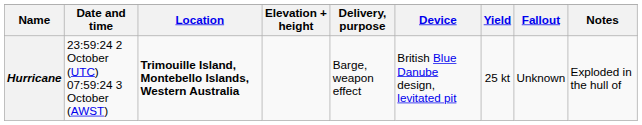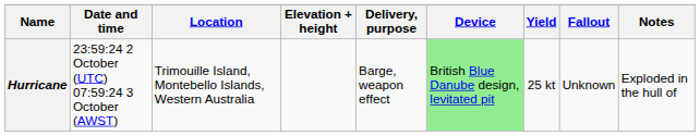 <table class="wikitable">
 <tr>
 </tr>
 <tr>
 <th>Name</th>
 <th>Date and time</th>
 <th><a href='#'>Location</a></th>
 <th>Elevation + height</th>
 <th>Delivery, purpose</th>
 <th><a href='#'>Device</a></th>
 <th><a href='#'>Yield</a></th>
 <th><a href='#'>Fallout</a></th>
 <th>Notes</th>
 </tr>
 <tr>
 <th><em>Hurricane</em></th>
 <td>23:59:24 2 October (<a href='#'>UTC</a>)<br>07:59:24 3 October (<a href='#'>AWST</a>)</td>
-<td><strong>Trimouille Island, Montebello Islands, Western Australia </strong></td>
+<td>Trimouille Island, Montebello Islands, Western Australia </td>
 <td></td>
 <td>Barge,<br>weapon effect</td>
-<td>British <a href='#'>Blue Danube</a> design, <a href='#'>levitated pit</a></td>
+<td style="background: lightgreen;">British <a href='#'>Blue Danube</a> design, <a href='#'>levitated pit</a></td>
 <td style="text-align:center;">25 kt</td>
 <td>Unknown</td>
 <td>Exploded in the hull of </td>
 </tr>
 </table>
